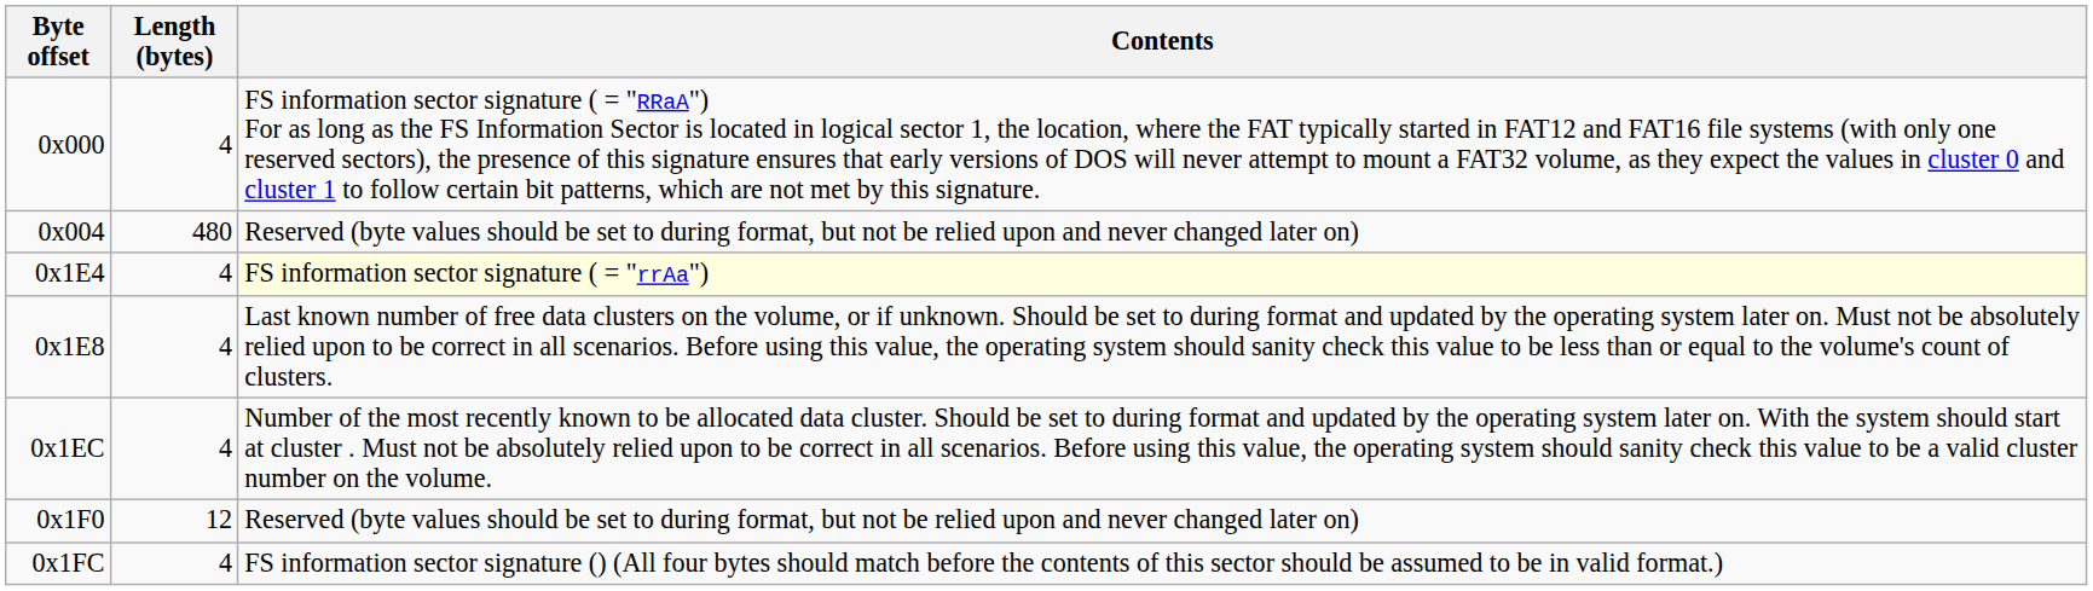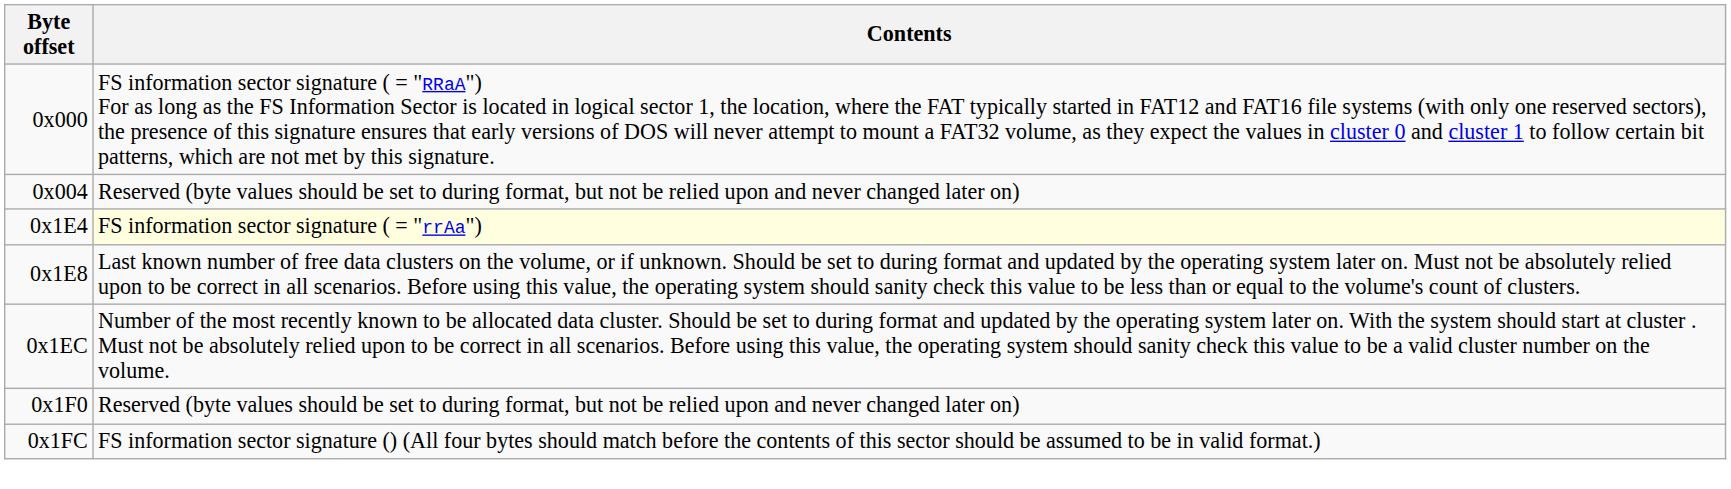 <table class="wikitable sortable mw-collapsible">
 <tr>
 <th>Byte offset</th>
-<th>Length (bytes)</th>
 <th>Contents</th>
 </tr>
 <tr>
 <td style="text-align:right;">0x000</td>
-<td style="text-align:right;">4</td>
 <td>FS information sector signature ( = "<code><a href='#'>RRaA</a></code>")<br>For as long as the FS Information Sector is located in logical sector 1, the location, where the FAT typically started in FAT12 and FAT16 file systems (with only one reserved sectors), the presence of this signature ensures that early versions of DOS will never attempt to mount a FAT32 volume, as they expect the values in <a href='#'>cluster 0</a> and <a href='#'>cluster 1</a> to follow certain bit patterns, which are not met by this signature.</td>
 </tr>
 <tr>
 <td style="text-align:right;">0x004</td>
-<td style="text-align:right;">480</td>
 <td>Reserved (byte values should be set to  during format, but not be relied upon and never changed later on)</td>
 </tr>
 <tr>
 <td style="text-align:right;">0x1E4</td>
-<td style="text-align:right;">4</td>
 <td style="background: lightyellow;">FS information sector signature ( = "<code><a href='#'>rrAa</a></code>")</td>
 </tr>
 <tr>
 <td style="text-align:right;">0x1E8</td>
-<td style="text-align:right;">4</td>
 <td>Last known number of free data clusters on the volume, or  if unknown. Should be set to  during format and updated by the operating system later on. Must not be absolutely relied upon to be correct in all scenarios. Before using this value, the operating system should sanity check this value to be less than or equal to the volume's count of clusters.</td>
 </tr>
 <tr>
 <td style="text-align:right;">0x1EC</td>
-<td style="text-align:right;">4</td>
 <td>Number of the most recently known to be allocated data cluster. Should be set to  during format and updated by the operating system later on. With  the system should start at cluster . Must not be absolutely relied upon to be correct in all scenarios. Before using this value, the operating system should sanity check this value to be a valid cluster number on the volume.</td>
 </tr>
 <tr>
 <td style="text-align:right;">0x1F0</td>
-<td style="text-align:right;">12</td>
 <td>Reserved (byte values should be set to  during format, but not be relied upon and never changed later on)</td>
 </tr>
 <tr>
 <td style="text-align:right;">0x1FC</td>
-<td style="text-align:right;">4</td>
 <td>FS information sector signature () (All four bytes should match before the contents of this sector should be assumed to be in valid format.)</td>
 </tr>
 </table>
